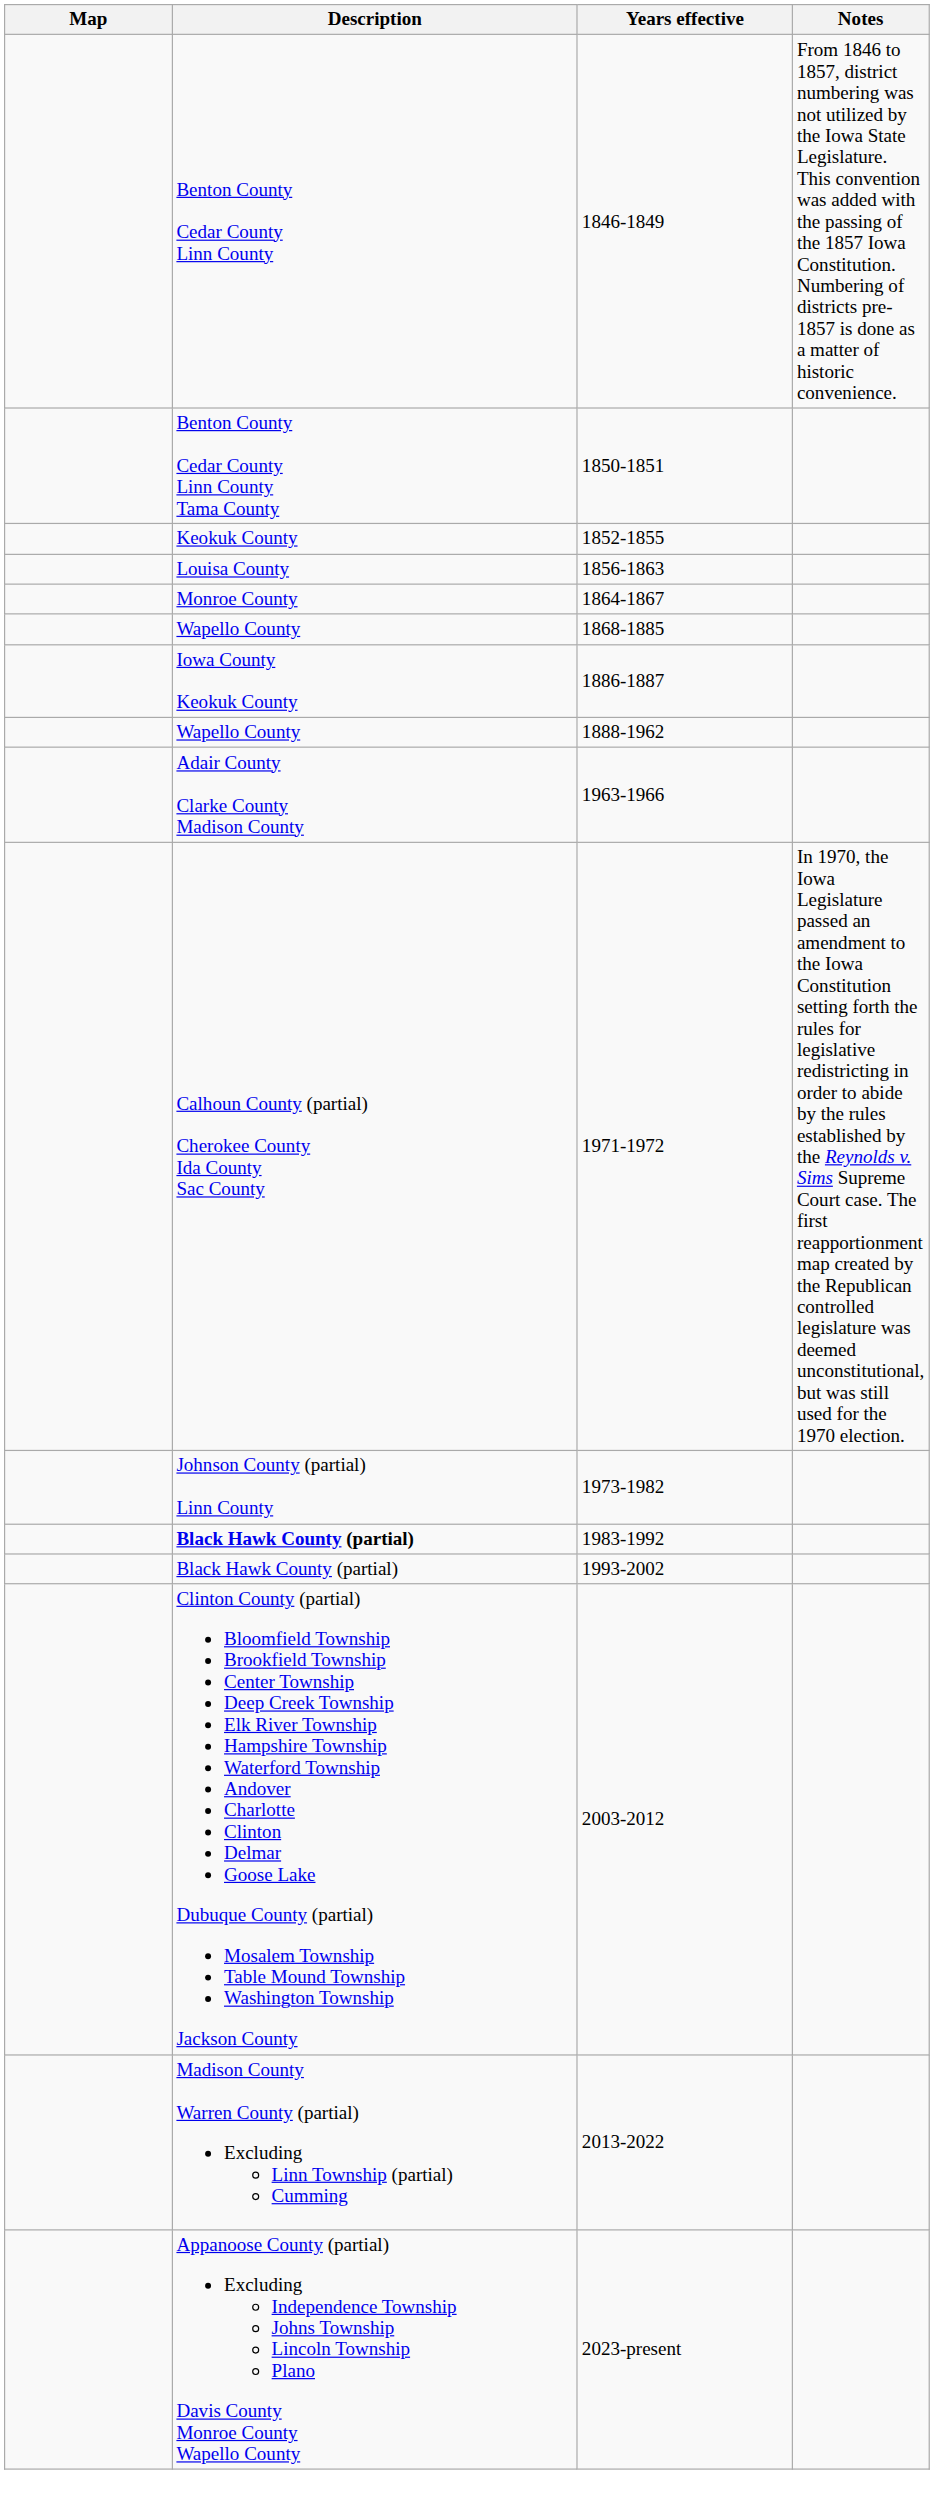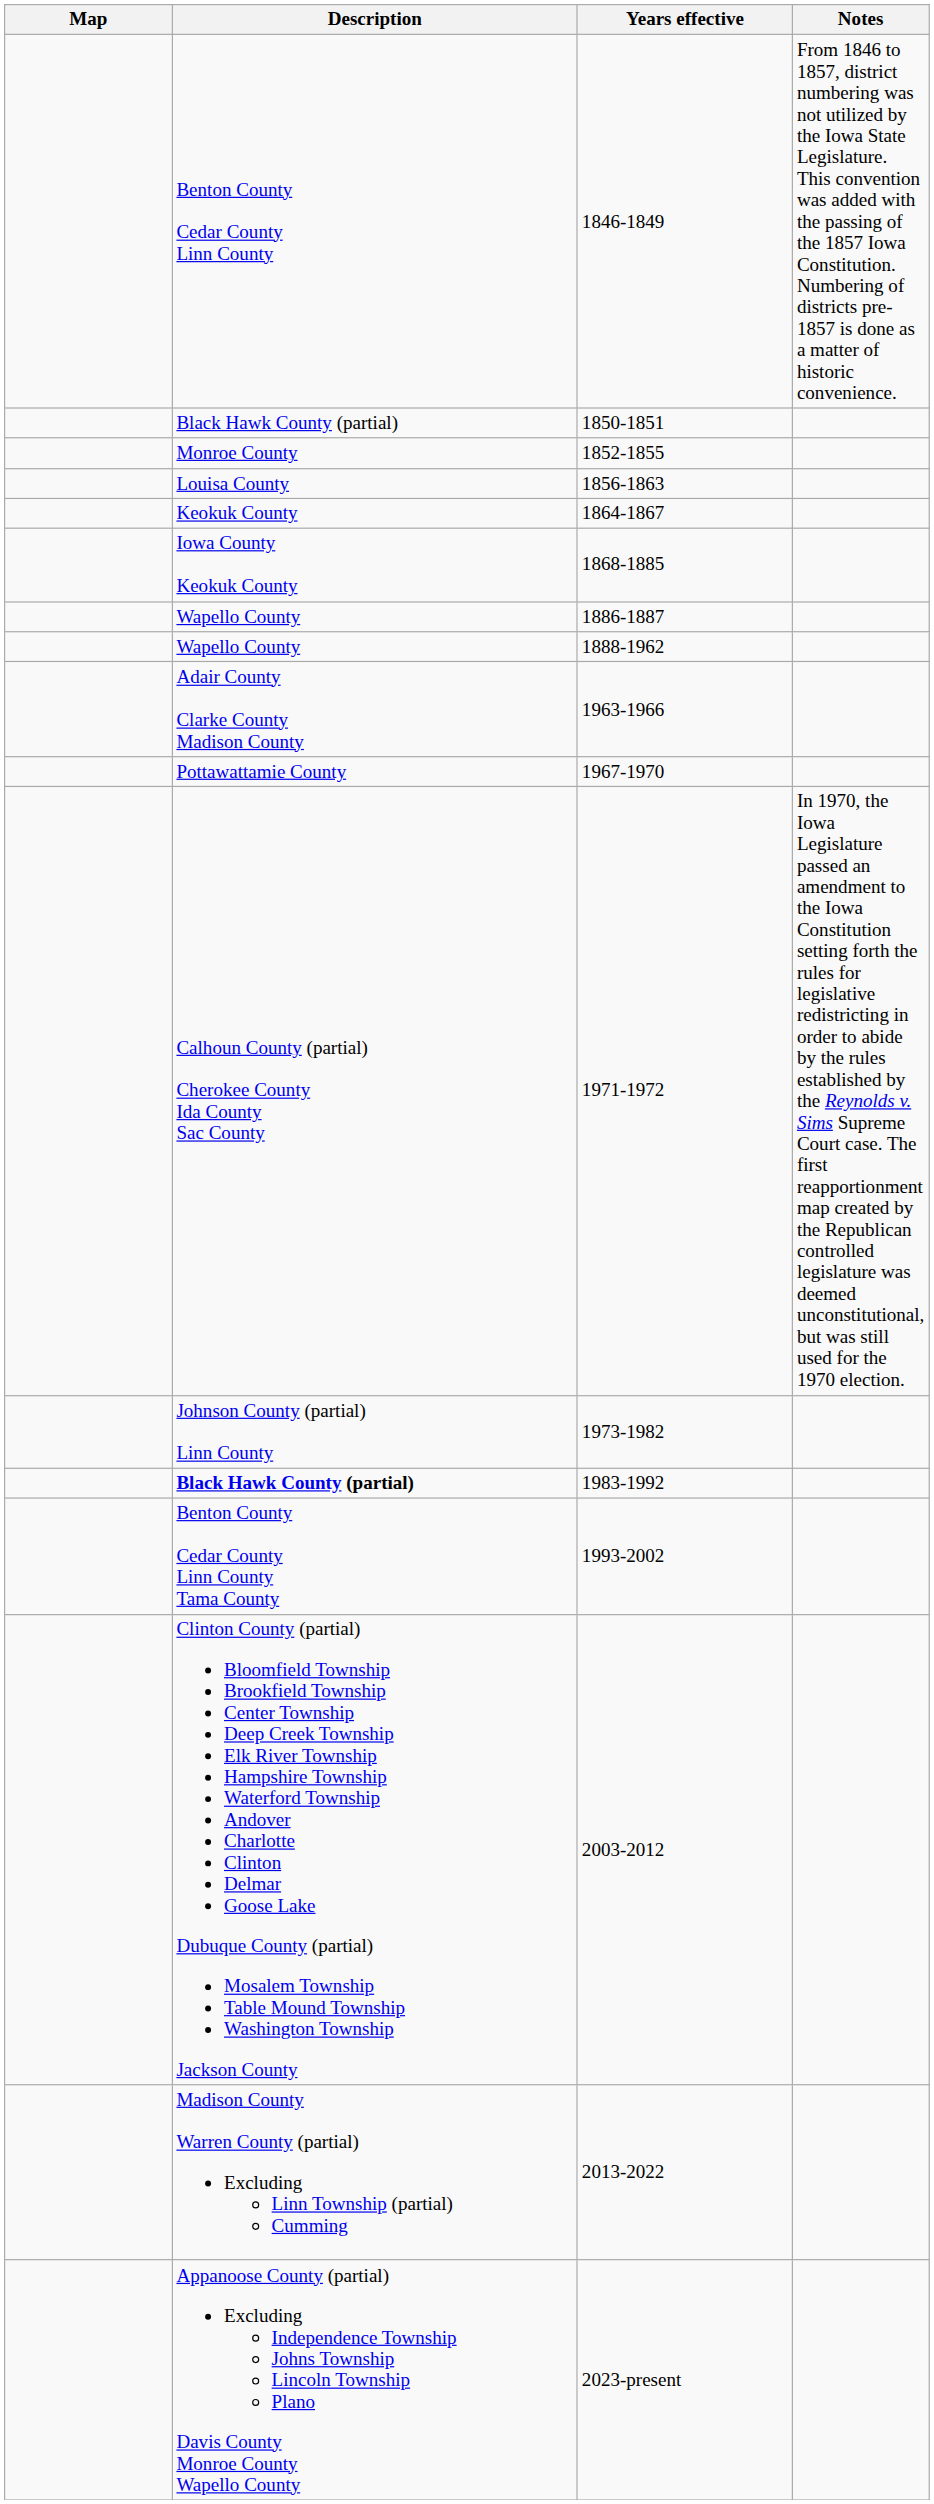 <table class="wikitable sortable">
 <tr>
 <th style="width:100pt;">Map</th>
 <th style="width:250pt;">Description</th>
 <th style="width:130pt;">Years effective</th>
 <th style="width:15pt;">Notes</th>
 </tr>
 <tr>
 <td></td>
 <td><a href='#'>Benton County</a><br><br><a href='#'>Cedar County</a> <br> <a href='#'>Linn County</a></td>
 <td>1846-1849</td>
 <td>From 1846 to 1857, district numbering was not utilized by the Iowa State Legislature. This convention was added with the passing of the 1857 Iowa Constitution. Numbering of districts pre-1857 is done as a matter of historic convenience.</td>
 </tr>
 <tr>
 <td></td>
-<td><a href='#'>Benton County</a><br><br><a href='#'>Cedar County</a> <br> <a href='#'>Linn County</a><br> <a href='#'>Tama County</a></td>
+<td><a href='#'>Black Hawk County</a> (partial)</td>
 <td>1850-1851</td>
 <td></td>
 </tr>
 <tr>
 <td></td>
-<td><a href='#'>Keokuk County</a></td>
+<td><a href='#'>Monroe County</a></td>
 <td>1852-1855</td>
 <td></td>
 </tr>
 <tr>
 <td></td>
 <td><a href='#'>Louisa County</a></td>
 <td>1856-1863</td>
 <td></td>
 </tr>
 <tr>
 <td></td>
-<td><a href='#'>Monroe County</a></td>
+<td><a href='#'>Keokuk County</a></td>
 <td>1864-1867</td>
 <td></td>
 </tr>
 <tr>
 <td></td>
-<td><a href='#'>Wapello County</a></td>
+<td><a href='#'>Iowa County</a><br><br><a href='#'>Keokuk County</a></td>
 <td>1868-1885</td>
 <td></td>
 </tr>
 <tr>
 <td></td>
-<td><a href='#'>Iowa County</a><br><br><a href='#'>Keokuk County</a></td>
+<td><a href='#'>Wapello County</a></td>
 <td>1886-1887</td>
 <td></td>
 </tr>
 <tr>
 <td></td>
 <td><a href='#'>Wapello County</a></td>
 <td>1888-1962</td>
 <td></td>
 </tr>
 <tr>
 <td></td>
 <td><a href='#'>Adair County</a><br><br><a href='#'>Clarke County</a><br> <a href='#'>Madison County</a></td>
 <td>1963-1966</td>
+<td></td>
+</tr>
+<tr>
+<td></td>
+<td><a href='#'>Pottawattamie County</a></td>
+<td>1967-1970</td>
 <td></td>
 </tr>
 <tr>
 <td></td>
 <td><a href='#'>Calhoun County</a> (partial)<br><br><a href='#'>Cherokee County</a><br> <a href='#'>Ida County</a><br> <a href='#'>Sac County</a></td>
 <td>1971-1972</td>
 <td>In 1970, the Iowa Legislature passed an amendment to the Iowa Constitution setting forth the rules for legislative redistricting in order to abide by the rules established by the <em><a href='#'>Reynolds v. Sims</a></em> Supreme Court case. The first reapportionment map created by the Republican controlled legislature was deemed unconstitutional, but was still used for the 1970 election.</td>
 </tr>
 <tr>
 <td></td>
 <td><a href='#'>Johnson County</a> (partial)<br><br><a href='#'>Linn County</a></td>
 <td>1973-1982</td>
 <td></td>
 </tr>
 <tr>
 <td></td>
 <td><strong><a href='#'>Black Hawk County</a> (partial)</strong></td>
 <td>1983-1992</td>
 <td></td>
 </tr>
 <tr>
 <td></td>
-<td><a href='#'>Black Hawk County</a> (partial)</td>
+<td><a href='#'>Benton County</a><br><br><a href='#'>Cedar County</a> <br> <a href='#'>Linn County</a><br> <a href='#'>Tama County</a></td>
 <td>1993-2002</td>
 <td></td>
 </tr>
 <tr>
 <td></td>
 <td><a href='#'>Clinton County</a> (partial)<br><ul><li><a href='#'>Bloomfield Township</a></li><li><a href='#'>Brookfield Township</a></li><li><a href='#'>Center Township</a></li><li><a href='#'>Deep Creek Township</a></li><li><a href='#'>Elk River Township</a></li><li><a href='#'>Hampshire Township</a></li><li><a href='#'>Waterford Township</a></li><li><a href='#'>Andover</a></li><li><a href='#'>Charlotte</a></li><li><a href='#'>Clinton</a></li><li><a href='#'>Delmar</a></li><li><a href='#'>Goose Lake</a></li></ul><a href='#'>Dubuque County</a> (partial)<ul><li><a href='#'>Mosalem Township</a></li><li><a href='#'>Table Mound Township</a></li><li><a href='#'>Washington Township</a></li></ul><a href='#'>Jackson County</a></td>
 <td>2003-2012</td>
 </tr>
 <tr>
 <td></td>
 <td><a href='#'>Madison County</a><br><br><a href='#'>Warren County</a> (partial)<ul><li>Excluding<ul><li><a href='#'>Linn Township</a> (partial)</li><li><a href='#'>Cumming</a></li></ul></li></ul></td>
 <td>2013-2022</td>
 <td></td>
 </tr>
 <tr>
 <td></td>
 <td><a href='#'>Appanoose County</a> (partial)<br><ul><li>Excluding<ul><li><a href='#'>Independence Township</a></li><li><a href='#'>Johns Township</a></li><li><a href='#'>Lincoln Township</a></li><li><a href='#'>Plano</a></li></ul></li></ul><a href='#'>Davis County</a><br> <a href='#'>Monroe County</a><br> <a href='#'>Wapello County</a></td>
 <td>2023-present</td>
 <td></td>
 </tr>
 </table>
